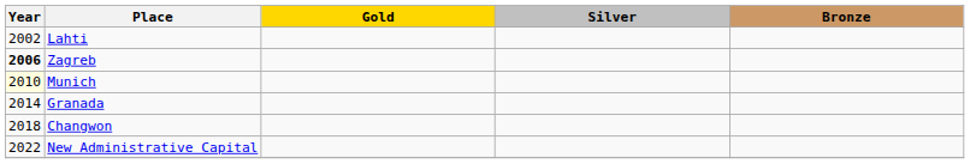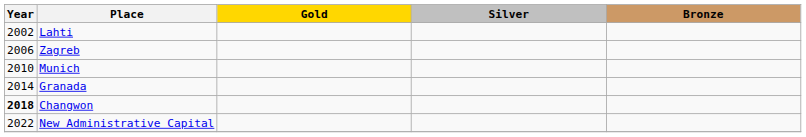 <table class="wikitable">
 <tr>
 <th>Year</th>
 <th>Place</th>
 <th style="background:gold"    width="220">Gold</th>
 <th style="background:silver"  width="220">Silver</th>
 <th style="background:#cc9966" width="220">Bronze</th>
 </tr>
 <tr>
 <td>2002</td>
 <td> <a href='#'>Lahti</a></td>
 <td></td>
 <td></td>
 <td></td>
 </tr>
 <tr>
-<td><strong>2006</strong></td>
+<td>2006</td>
 <td> <a href='#'>Zagreb</a></td>
 <td></td>
 <td></td>
 <td></td>
 </tr>
 <tr>
-<td style="background: lightyellow;">2010</td>
+<td>2010</td>
 <td> <a href='#'>Munich</a></td>
 <td></td>
 <td></td>
 <td></td>
 </tr>
 <tr>
 <td>2014</td>
 <td> <a href='#'>Granada</a></td>
 <td></td>
 <td></td>
 <td></td>
 </tr>
 <tr>
-<td>2018</td>
+<td><strong>2018</strong></td>
 <td> <a href='#'>Changwon</a></td>
 <td></td>
 <td></td>
 <td></td>
 </tr>
 <tr>
 <td>2022</td>
 <td> <a href='#'>New Administrative Capital</a></td>
 <td></td>
 <td></td>
 <td></td>
 </tr>
 <tr>
 </tr>
 </table>
